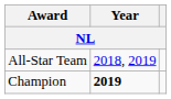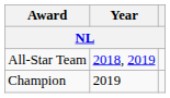 <table class="wikitable">
 <tr>
 <th>Award</th>
 <th>Year</th>
 <th></th>
 </tr>
 <tr>
 <th colspan="3"><a href='#'>NL</a></th>
 </tr>
 <tr>
 <td>All-Star Team</td>
 <td><a href='#'>2018</a>, <a href='#'>2019</a></td>
 <td></td>
 </tr>
 <tr>
 <td>Champion</td>
-<td><strong>2019</strong></td>
+<td>2019</td>
 <td></td>
 </tr>
 </table>
